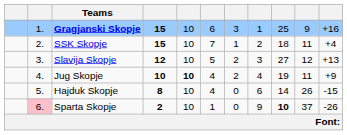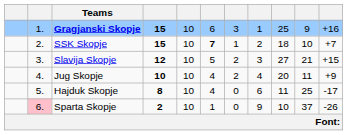 <table class="wikitable sortable" style="text-align: center; font-size: 90%;">
 <tr>
 <th width=7%></th>
 <th width=7%></th>
 <th width=27%>Teams</th>
 <th width=10%></th>
 <th width=7%></th>
 <th width=7%></th>
 <th width=7%></th>
 <th width=7%></th>
 <th width=7%></th>
 <th width=7%></th>
 <th width=7%></th>
 </tr>
 <tr style=background:#99CBFF;>
 <td></td>
 <td>1.</td>
 <td style="text-align:left;"><strong><a href='#'>Gragjanski Skopje</a></strong></td>
 <td><strong>15</strong></td>
 <td>10</td>
 <td>6</td>
 <td>3</td>
 <td>1</td>
 <td>25</td>
 <td>9</td>
 <td>+16</td>
 </tr>
 <tr>
 <td></td>
 <td>2.</td>
 <td style="text-align:left;"><a href='#'> SSK Skopje</a></td>
 <td><strong>15</strong></td>
 <td>10</td>
-<td>7</td>
+<td><strong>7</strong></td>
 <td>1</td>
 <td>2</td>
 <td>18</td>
-<td>11</td>
-<td>+4</td>
+<td>10</td>
+<td>+7</td>
 </tr>
 <tr>
 <td></td>
 <td>3.</td>
 <td style="text-align:left;"><a href='#'> Slavija Skopje</a></td>
 <td><strong>12</strong></td>
 <td>10</td>
 <td>5</td>
 <td>2</td>
 <td>3</td>
 <td>27</td>
-<td>12</td>
-<td>+13</td>
+<td>21</td>
+<td>+15</td>
 </tr>
 <tr>
 <td></td>
 <td>4.</td>
 <td style="text-align:left;">Jug Skopje</td>
 <td><strong>10</strong></td>
-<td><strong>10</strong></td>
+<td>10</td>
 <td>4</td>
 <td>2</td>
 <td>4</td>
-<td>19</td>
+<td>20</td>
 <td>11</td>
 <td>+9</td>
 </tr>
 <tr>
 <td></td>
 <td>5.</td>
 <td style="text-align:left;">Hajduk Skopje</td>
 <td><strong>8</strong></td>
 <td>10</td>
 <td>4</td>
 <td>0</td>
 <td>6</td>
-<td>14</td>
-<td>26</td>
-<td>-15</td>
+<td>11</td>
+<td>25</td>
+<td>-17</td>
 </tr>
 <tr>
 <td></td>
 <td style="background: pink;">6.</td>
 <td style="text-align:left;">Sparta Skopje</td>
 <td><strong>2</strong></td>
 <td>10</td>
 <td>1</td>
 <td>0</td>
 <td>9</td>
-<td><strong>10</strong></td>
+<td>10</td>
 <td>37</td>
 <td>-26</td>
 </tr>
 <tr>
 <th colspan="11" style="text-align: right;">Font: </th>
 </tr>
 </table>
